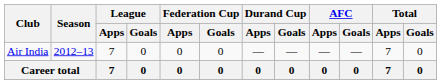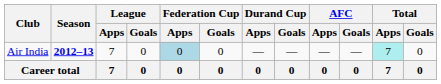 <table class="wikitable" style="font-size:90%; text-align:center;">
 <tr>
 <th rowspan="2">Club</th>
 <th rowspan="2">Season</th>
 <th colspan="2">League</th>
 <th colspan="2">Federation Cup</th>
 <th colspan="2">Durand Cup</th>
 <th colspan="2"><a href='#'>AFC</a></th>
 <th colspan="2">Total</th>
 </tr>
 <tr>
 <th>Apps</th>
 <th>Goals</th>
 <th>Apps</th>
 <th>Goals</th>
 <th>Apps</th>
 <th>Goals</th>
 <th>Apps</th>
 <th>Goals</th>
 <th>Apps</th>
 <th>Goals</th>
 </tr>
 <tr>
 <td rowspan="1"><a href='#'>Air India</a></td>
-<td><a href='#'>2012–13</a></td>
+<td><strong><a href='#'>2012–13</a></strong></td>
 <td>7</td>
 <td>0</td>
-<td>0</td>
+<td style="background: lightblue;">0</td>
 <td>0</td>
 <td>—</td>
 <td>—</td>
 <td>—</td>
 <td>—</td>
-<td>7</td>
+<td style="background: paleturquoise;">7</td>
 <td>0</td>
 </tr>
 <tr>
 <th colspan="2">Career total</th>
 <th>7</th>
 <th>0</th>
 <th>0</th>
 <th>0</th>
 <th>0</th>
 <th>0</th>
 <th>0</th>
 <th>0</th>
 <th>7</th>
 <th>0</th>
 </tr>
 </table>
